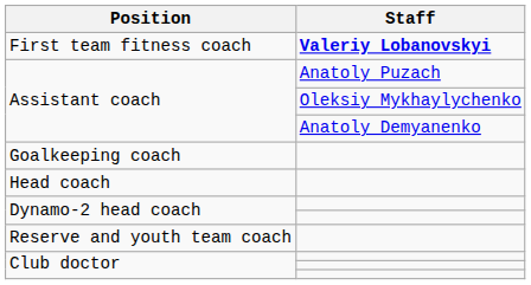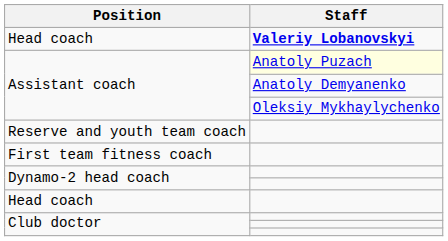 <table class="wikitable">
 <tr>
 <th>Position</th>
 <th>Staff</th>
 </tr>
 <tr>
-<td>First team fitness coach</td>
+<td>Head coach</td>
 <td><strong> <a href='#'>Valeriy Lobanovskyi</a></strong></td>
 </tr>
 <tr>
 <td rowspan="3">Assistant coach</td>
-<td> <a href='#'>Anatoly Puzach</a></td>
+<td style="background: lightyellow;"> <a href='#'>Anatoly Puzach</a></td>
+</tr>
+<tr>
+<td> <a href='#'>Anatoly Demyanenko</a></td>
 </tr>
 <tr>
 <td> <a href='#'>Oleksiy Mykhaylychenko</a></td>
 </tr>
 <tr>
-<td> <a href='#'>Anatoly Demyanenko</a></td>
-</tr>
-<tr>
-<td>Goalkeeping coach</td>
+<td>Reserve and youth team coach</td>
 <td></td>
 </tr>
 <tr>
-<td>Head coach</td>
+<td>First team fitness coach</td>
 <td></td>
 </tr>
 <tr>
 <td rowspan="2">Dynamo-2 head coach</td>
 <td></td>
 </tr>
 <tr>
 <td></td>
 </tr>
 <tr>
-<td>Reserve and youth team coach</td>
+<td>Head coach</td>
 <td></td>
 </tr>
 <tr>
 <td rowspan="3">Club doctor</td>
 <td></td>
 </tr>
 <tr>
 <td></td>
 </tr>
 <tr>
 <td></td>
 </tr>
 </table>
